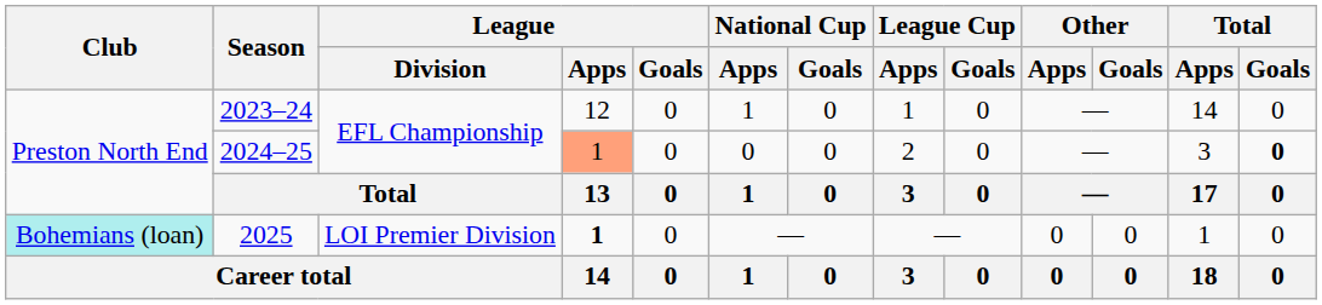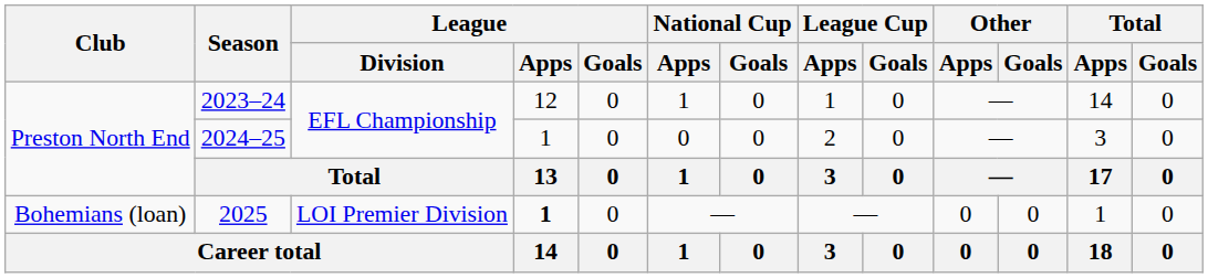 <table class="wikitable" style="text-align: center;">
 <tr>
 <th rowspan="2">Club</th>
 <th rowspan="2">Season</th>
 <th colspan="3">League</th>
 <th colspan="2">National Cup</th>
 <th colspan="2">League Cup</th>
 <th colspan="2">Other</th>
 <th colspan="2">Total</th>
 </tr>
 <tr>
 <th>Division</th>
 <th>Apps</th>
 <th>Goals</th>
 <th>Apps</th>
 <th>Goals</th>
 <th>Apps</th>
 <th>Goals</th>
 <th>Apps</th>
 <th>Goals</th>
 <th>Apps</th>
 <th>Goals</th>
 </tr>
 <tr>
 <td rowspan="3"><a href='#'>Preston North End</a></td>
 <td><a href='#'>2023–24</a></td>
 <td rowspan="2"><a href='#'>EFL Championship</a></td>
 <td>12</td>
 <td>0</td>
 <td>1</td>
 <td>0</td>
 <td>1</td>
 <td>0</td>
 <td colspan=2>—</td>
 <td>14</td>
 <td>0</td>
 </tr>
 <tr>
 <td><a href='#'>2024–25</a></td>
-<td style="background: lightsalmon;">1</td>
+<td>1</td>
 <td>0</td>
 <td>0</td>
 <td>0</td>
 <td>2</td>
 <td>0</td>
 <td colspan=2>—</td>
 <td>3</td>
-<td><strong>0</strong></td>
+<td>0</td>
 </tr>
 <tr>
 <th colspan="2">Total</th>
 <th>13</th>
 <th>0</th>
 <th>1</th>
 <th>0</th>
 <th>3</th>
 <th>0</th>
 <th colspan=2>—</th>
 <th>17</th>
 <th>0</th>
 </tr>
 <tr>
-<td style="background: paleturquoise;"><a href='#'>Bohemians</a> (loan)</td>
+<td><a href='#'>Bohemians</a> (loan)</td>
 <td><a href='#'>2025</a></td>
 <td><a href='#'>LOI Premier Division</a></td>
 <td><strong>1</strong></td>
 <td>0</td>
 <td colspan=2>—</td>
 <td colspan=2>—</td>
 <td>0</td>
 <td>0</td>
 <td>1</td>
 <td>0</td>
 </tr>
 <tr>
 <th colspan="3">Career total</th>
 <th>14</th>
 <th>0</th>
 <th>1</th>
 <th>0</th>
 <th>3</th>
 <th>0</th>
 <th>0</th>
 <th>0</th>
 <th>18</th>
 <th>0</th>
 </tr>
 </table>
